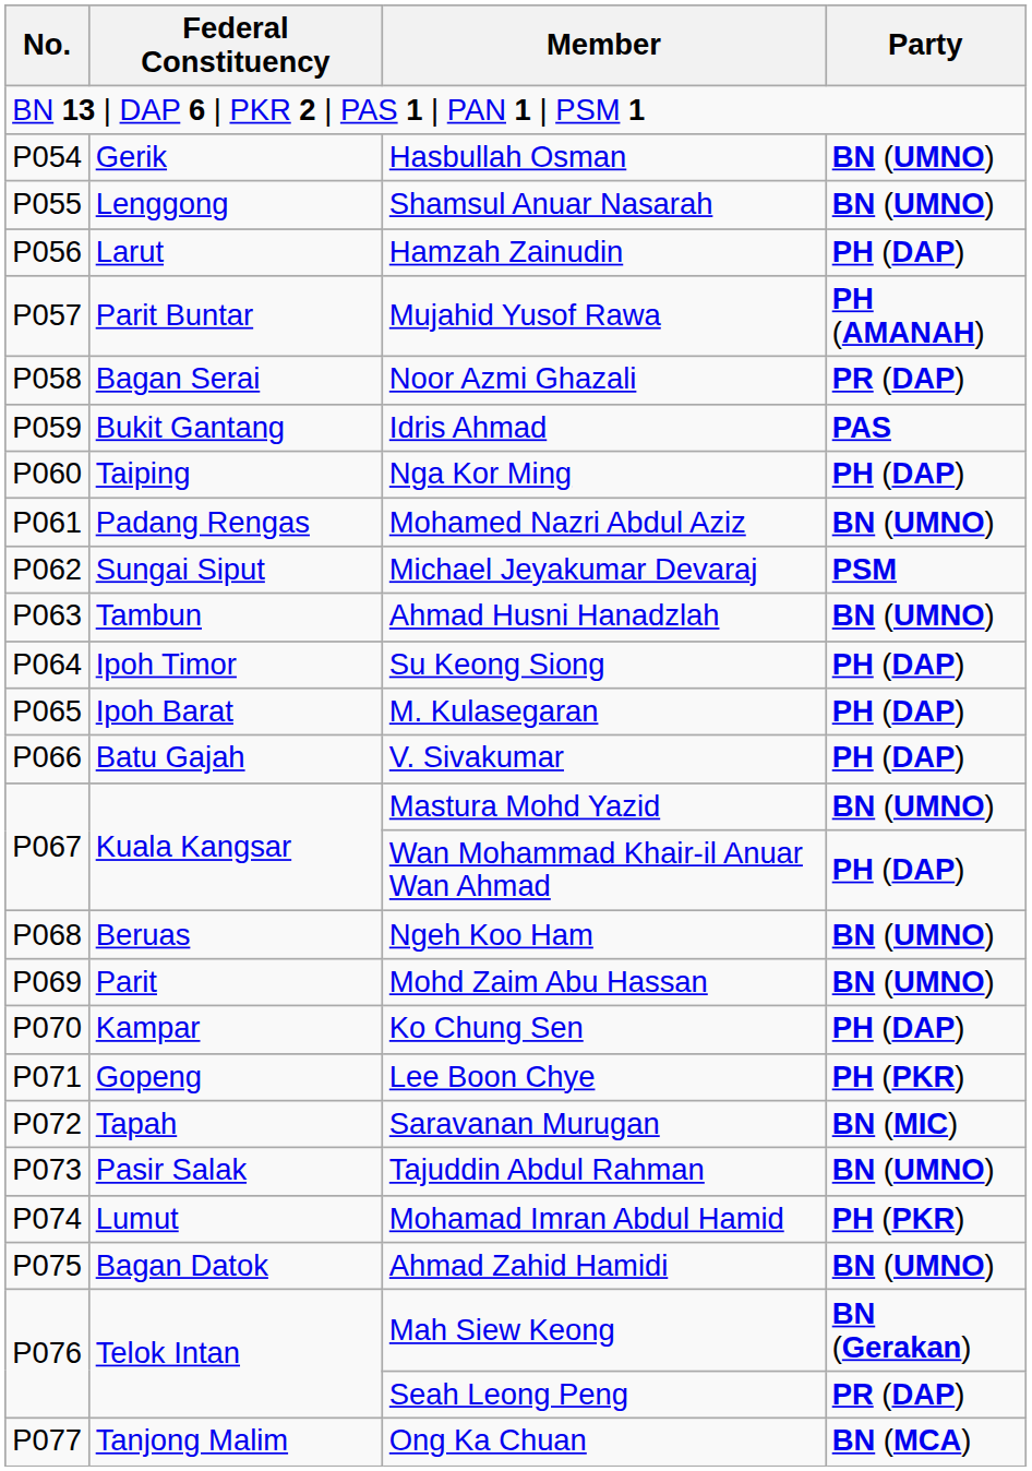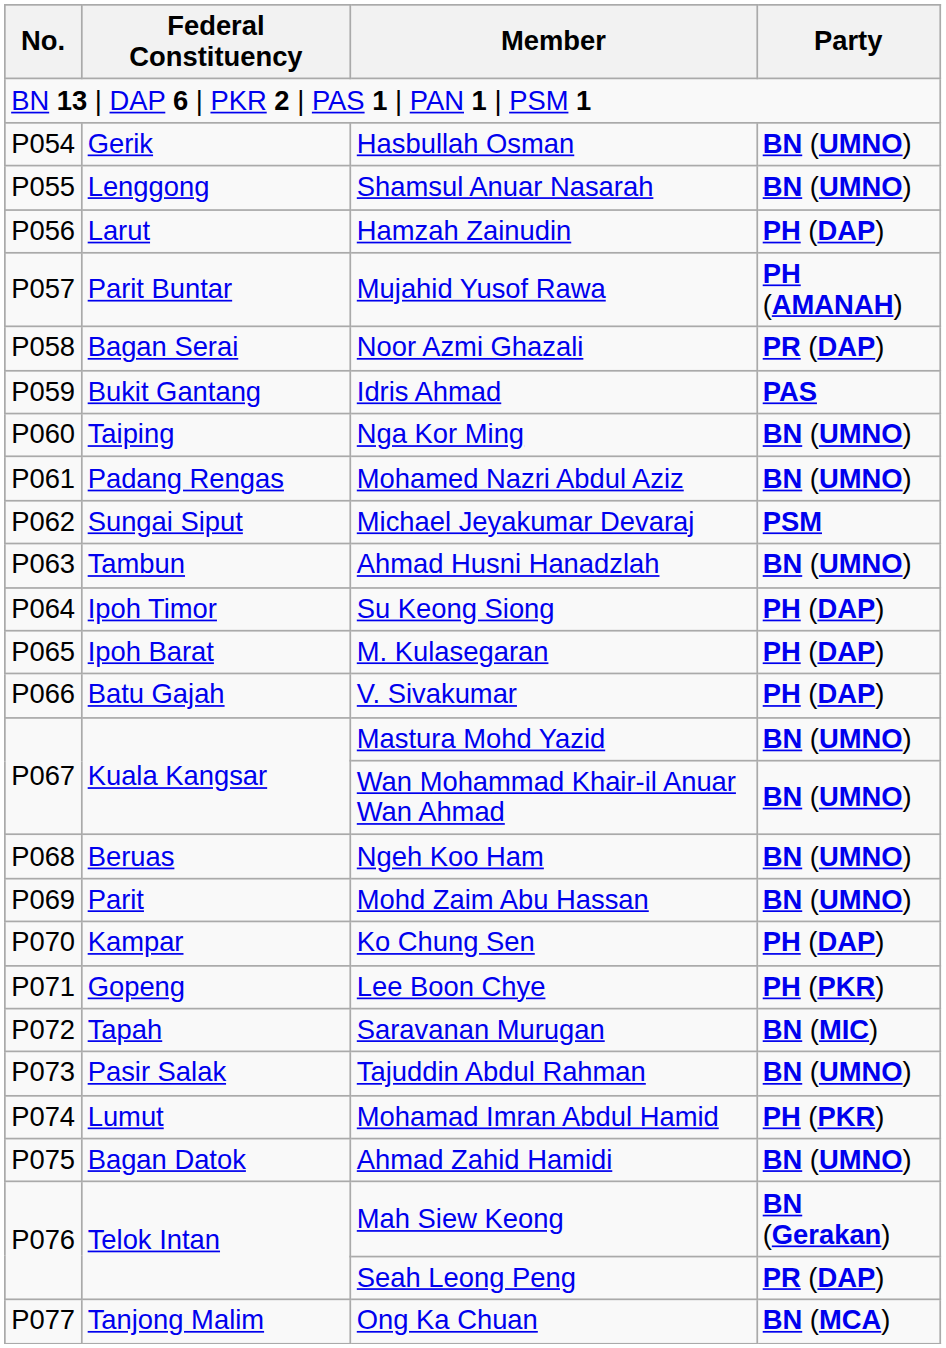 <table class ="wikitable sortable">
 <tr>
 <th style="width:30px;">No.</th>
 <th style="width:150px;">Federal Constituency</th>
 <th style="width:230px;">Member</th>
 <th style="width:100px;">Party</th>
 </tr>
 <tr>
 <td colspan="4"><a href='#'>BN</a> <strong>13</strong> | <a href='#'>DAP</a> <strong>6</strong> | <a href='#'>PKR</a> <strong>2</strong> | <a href='#'>PAS</a> <strong>1</strong> | <a href='#'>PAN</a> <strong>1</strong> | <a href='#'>PSM</a> <strong>1</strong></td>
 </tr>
 <tr>
 <td>P054</td>
 <td><a href='#'>Gerik</a></td>
 <td><a href='#'>Hasbullah Osman</a></td>
 <td><strong><a href='#'>BN</a></strong> (<strong><a href='#'>UMNO</a></strong>)</td>
 </tr>
 <tr>
 <td>P055</td>
 <td><a href='#'>Lenggong</a></td>
 <td><a href='#'>Shamsul Anuar Nasarah</a></td>
 <td><strong><a href='#'>BN</a></strong> (<strong><a href='#'>UMNO</a></strong>)</td>
 </tr>
 <tr>
 <td>P056</td>
 <td><a href='#'>Larut</a></td>
 <td><a href='#'>Hamzah Zainudin</a></td>
 <td><strong><a href='#'>PH</a></strong> (<strong><a href='#'>DAP</a></strong>)</td>
 </tr>
 <tr>
 <td>P057</td>
 <td><a href='#'>Parit Buntar</a></td>
 <td><a href='#'>Mujahid Yusof Rawa</a></td>
 <td><strong><a href='#'>PH</a></strong> (<strong><a href='#'>AMANAH</a></strong>)</td>
 </tr>
 <tr>
 <td>P058</td>
 <td><a href='#'>Bagan Serai</a></td>
 <td><a href='#'>Noor Azmi Ghazali</a></td>
 <td><strong><a href='#'>PR</a></strong> (<strong><a href='#'>DAP</a></strong>)</td>
 </tr>
 <tr>
 <td>P059</td>
 <td><a href='#'>Bukit Gantang</a></td>
 <td><a href='#'>Idris Ahmad</a></td>
 <td><strong><a href='#'>PAS</a></strong></td>
 </tr>
 <tr>
 <td>P060</td>
 <td><a href='#'>Taiping</a></td>
 <td><a href='#'>Nga Kor Ming</a></td>
-<td><strong><a href='#'>PH</a></strong> (<strong><a href='#'>DAP</a></strong>)</td>
+<td><strong><a href='#'>BN</a></strong> (<strong><a href='#'>UMNO</a></strong>)</td>
 </tr>
 <tr>
 <td>P061</td>
 <td><a href='#'>Padang Rengas</a></td>
 <td><a href='#'>Mohamed Nazri Abdul Aziz</a></td>
 <td><strong><a href='#'>BN</a></strong> (<strong><a href='#'>UMNO</a></strong>)</td>
 </tr>
 <tr>
 <td>P062</td>
 <td><a href='#'>Sungai Siput</a></td>
 <td><a href='#'>Michael Jeyakumar Devaraj</a></td>
 <td><strong><a href='#'>PSM</a></strong></td>
 </tr>
 <tr>
 <td>P063</td>
 <td><a href='#'>Tambun</a></td>
 <td><a href='#'>Ahmad Husni Hanadzlah</a></td>
 <td><strong><a href='#'>BN</a></strong> (<strong><a href='#'>UMNO</a></strong>)</td>
 </tr>
 <tr>
 <td>P064</td>
 <td><a href='#'>Ipoh Timor</a></td>
 <td><a href='#'>Su Keong Siong</a></td>
 <td><strong><a href='#'>PH</a></strong> (<strong><a href='#'>DAP</a></strong>)</td>
 </tr>
 <tr>
 <td>P065</td>
 <td><a href='#'>Ipoh Barat</a></td>
 <td><a href='#'>M. Kulasegaran</a></td>
 <td><strong><a href='#'>PH</a></strong> (<strong><a href='#'>DAP</a></strong>)</td>
 </tr>
 <tr>
 <td>P066</td>
 <td><a href='#'>Batu Gajah</a></td>
 <td><a href='#'>V. Sivakumar</a></td>
 <td><strong><a href='#'>PH</a></strong> (<strong><a href='#'>DAP</a></strong>)</td>
 </tr>
 <tr>
 <td rowspan=2>P067</td>
 <td rowspan=2><a href='#'>Kuala Kangsar</a></td>
 <td><a href='#'>Mastura Mohd Yazid</a>  </td>
 <td><strong><a href='#'>BN</a></strong> (<strong><a href='#'>UMNO</a></strong>)</td>
 </tr>
 <tr>
 <td><a href='#'>Wan Mohammad Khair-il Anuar Wan Ahmad</a> </td>
-<td><strong><a href='#'>PH</a></strong> (<strong><a href='#'>DAP</a></strong>)</td>
+<td><strong><a href='#'>BN</a></strong> (<strong><a href='#'>UMNO</a></strong>)</td>
 </tr>
 <tr>
 <td>P068</td>
 <td><a href='#'>Beruas</a></td>
 <td><a href='#'>Ngeh Koo Ham</a></td>
 <td><strong><a href='#'>BN</a></strong> (<strong><a href='#'>UMNO</a></strong>)</td>
 </tr>
 <tr>
 <td>P069</td>
 <td><a href='#'>Parit</a></td>
 <td><a href='#'>Mohd Zaim Abu Hassan</a></td>
 <td><strong><a href='#'>BN</a></strong> (<strong><a href='#'>UMNO</a></strong>)</td>
 </tr>
 <tr>
 <td>P070</td>
 <td><a href='#'>Kampar</a></td>
 <td><a href='#'>Ko Chung Sen</a></td>
 <td><strong><a href='#'>PH</a></strong> (<strong><a href='#'>DAP</a></strong>)</td>
 </tr>
 <tr>
 <td>P071</td>
 <td><a href='#'>Gopeng</a></td>
 <td><a href='#'>Lee Boon Chye</a></td>
 <td><strong><a href='#'>PH</a></strong> (<strong><a href='#'>PKR</a></strong>)</td>
 </tr>
 <tr>
 <td>P072</td>
 <td><a href='#'>Tapah</a></td>
 <td><a href='#'>Saravanan Murugan</a></td>
 <td><strong><a href='#'>BN</a></strong> (<strong><a href='#'>MIC</a></strong>)</td>
 </tr>
 <tr>
 <td>P073</td>
 <td><a href='#'>Pasir Salak</a></td>
 <td><a href='#'>Tajuddin Abdul Rahman</a></td>
 <td><strong><a href='#'>BN</a></strong> (<strong><a href='#'>UMNO</a></strong>)</td>
 </tr>
 <tr>
 <td>P074</td>
 <td><a href='#'>Lumut</a></td>
 <td><a href='#'>Mohamad Imran Abdul Hamid</a></td>
 <td><strong><a href='#'>PH</a></strong> (<strong><a href='#'>PKR</a></strong>)</td>
 </tr>
 <tr>
 <td>P075</td>
 <td><a href='#'>Bagan Datok</a></td>
 <td><a href='#'>Ahmad Zahid Hamidi</a></td>
 <td><strong><a href='#'>BN</a></strong> (<strong><a href='#'>UMNO</a></strong>)</td>
 </tr>
 <tr>
 <td rowspan=2>P076</td>
 <td rowspan=2><a href='#'>Telok Intan</a></td>
 <td><a href='#'>Mah Siew Keong</a> </td>
 <td><strong><a href='#'>BN</a></strong> (<strong><a href='#'>Gerakan</a></strong>)</td>
 </tr>
 <tr>
 <td><a href='#'>Seah Leong Peng</a> </td>
 <td><strong><a href='#'>PR</a></strong> (<strong><a href='#'>DAP</a></strong>)</td>
 </tr>
 <tr>
 <td>P077</td>
 <td><a href='#'>Tanjong Malim</a></td>
 <td><a href='#'>Ong Ka Chuan</a></td>
 <td><strong><a href='#'>BN</a></strong> (<strong><a href='#'>MCA</a></strong>)</td>
 </tr>
 </table>
